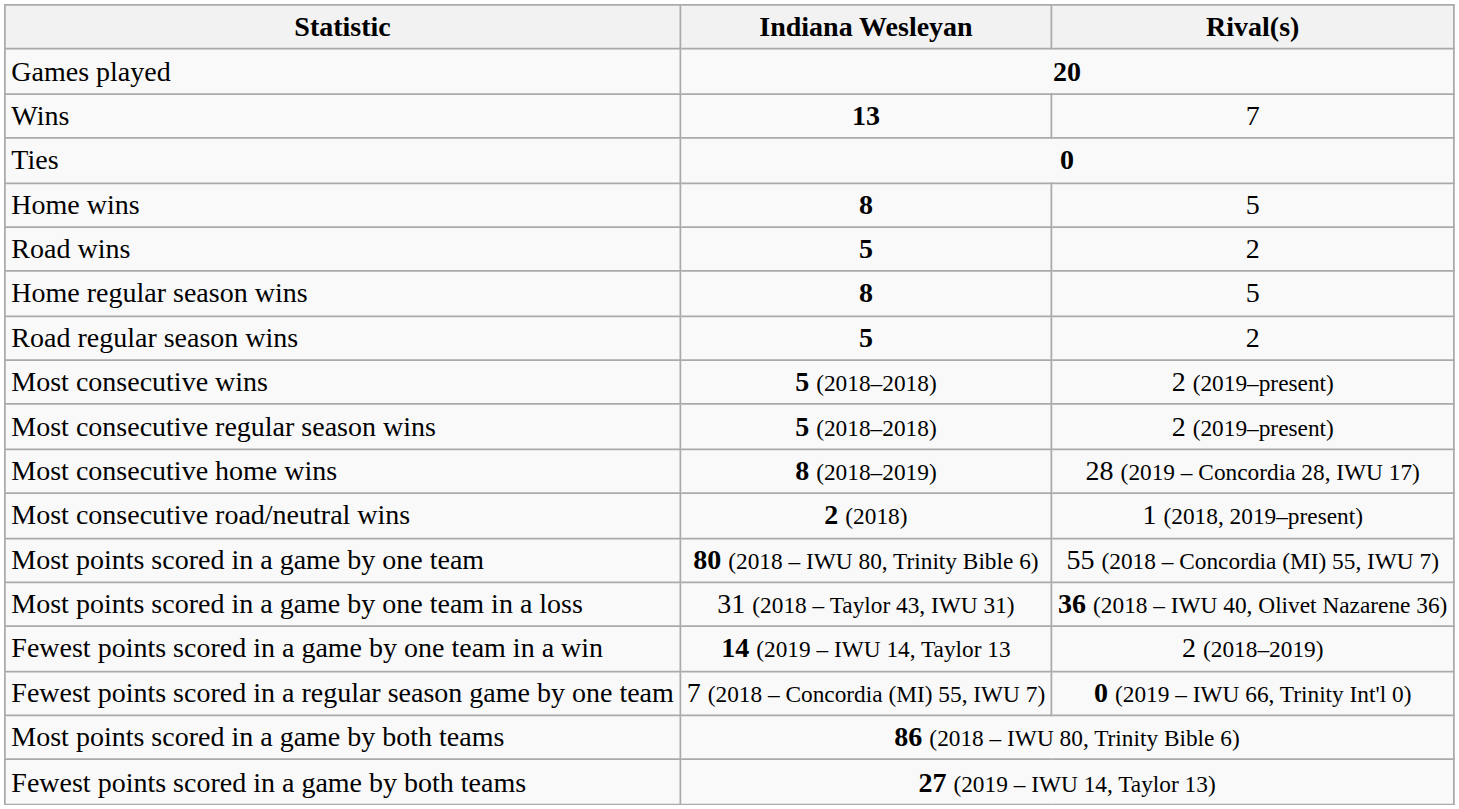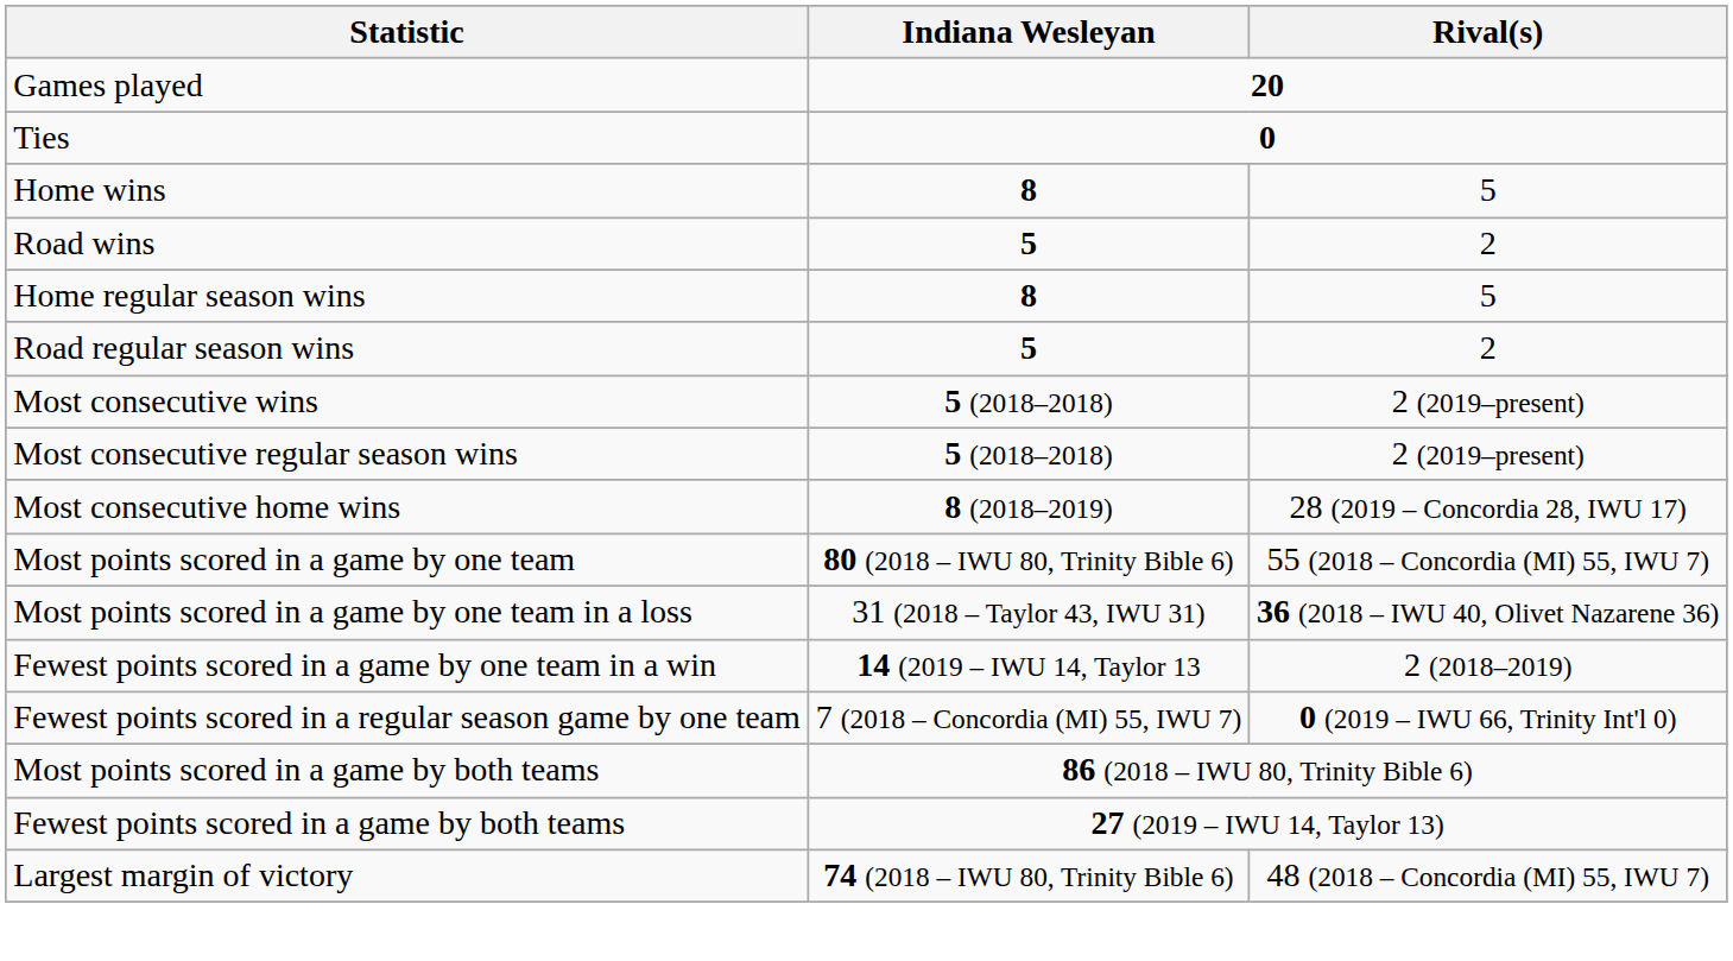 <table class="wikitable"; style= "text-align: ">
 <tr>
 <th width=px>Statistic</th>
 <th width=px>Indiana Wesleyan</th>
 <th width=px>Rival(s)</th>
 </tr>
 <tr>
 <td>Games played</td>
 <td style="text-align:center;" colspan="2"><strong>20</strong></td>
-</tr>
-<tr>
-<td>Wins</td>
-<td align=center><strong>13</strong></td>
-<td align=center>7</td>
 </tr>
 <tr>
 <td>Ties</td>
 <td style="text-align:center;" colspan="2"><strong>0</strong><br></td>
 </tr>
 <tr>
 <td>Home wins</td>
 <td align=center><strong>8</strong></td>
 <td align=center>5</td>
 </tr>
 <tr>
 <td>Road wins</td>
 <td align=center><strong>5</strong></td>
 <td align=center>2<br></td>
 </tr>
 <tr>
 <td>Home regular season wins</td>
 <td align=center><strong>8</strong></td>
 <td align=center>5</td>
 </tr>
 <tr>
 <td>Road regular season wins</td>
 <td align=center><strong>5</strong></td>
 <td align=center>2<br></td>
 </tr>
 <tr>
 <td>Most consecutive wins</td>
 <td align=center><strong>5</strong> <small>(2018–2018) </small></td>
 <td align=center>2 <small>(2019–present)</small></td>
 </tr>
 <tr>
 <td>Most consecutive regular season wins</td>
 <td align=center><strong>5</strong> <small>(2018–2018) </small></td>
 <td align=center>2 <small>(2019–present)</small><br></td>
 </tr>
 <tr>
 <td>Most consecutive home wins</td>
 <td align=center><strong>8</strong> <small>(2018–2019) </small></td>
 <td align=center>28 <small>(2019 – Concordia 28, IWU 17)</small></td>
 </tr>
 <tr>
-<td>Most consecutive road/neutral wins</td>
-<td align=center><strong>2</strong> <small>(2018) </small></td>
-<td align=center>1 <small>(2018, 2019–present)</small></td>
-</tr>
-<tr>
 <td>Most points scored in a game by one team</td>
 <td align=center><strong>80</strong> <small>(2018 – IWU 80, Trinity Bible 6) </small></td>
 <td align=center>55 <small>(2018 – Concordia (MI) 55, IWU 7)</small></td>
 </tr>
 <tr>
 <td>Most points scored in a game by one team in a loss</td>
 <td align=center>31 <small>(2018 – Taylor 43, IWU 31) </small></td>
 <td align=center><strong>36</strong> <small>(2018 – IWU 40, Olivet Nazarene 36)</small></td>
 </tr>
 <tr>
 <td>Fewest points scored in a game by one team in a win</td>
 <td align=center><strong>14</strong> <small>(2019 – IWU 14, Taylor 13 </small></td>
 <td align=center>2 <small>(2018–2019)</small></td>
 </tr>
 <tr>
 <td>Fewest points scored in a regular season game by one team</td>
 <td align=center>7 <small>(2018  – Concordia (MI) 55, IWU 7) </small></td>
 <td align=center><strong>0</strong> <small>(2019 – IWU 66, Trinity Int'l 0)</small><br></td>
 </tr>
 <tr>
 <td>Most points scored in a game by both teams</td>
 <td style="text-align:center;" colspan="2"><strong>86</strong> <small>(2018 – IWU 80, Trinity Bible 6)</small></td>
 </tr>
 <tr>
 <td>Fewest points scored in a game by both teams</td>
 <td style="text-align:center;" colspan="2"><strong>27</strong> <small>(2019  – IWU 14, Taylor 13)</small></td>
 </tr>
+<tr>
+<td>Largest margin of victory</td>
+<td align=center><strong>74</strong> <small>(2018 – IWU 80, Trinity Bible 6) </small></td>
+<td align=center>48 <small>(2018  – Concordia (MI) 55, IWU 7)</small></td>
+</tr>
 </table>
